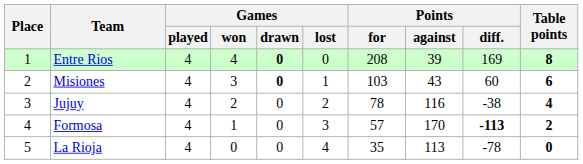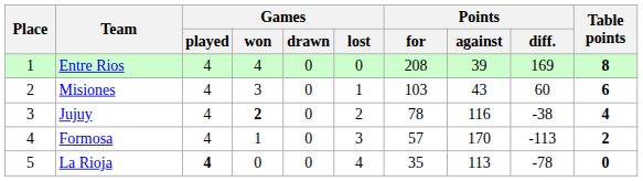 <table class="wikitable">
 <tr>
 <th rowspan=2 width="8%">Place</th>
 <th rowspan=2 width="20%">Team</th>
 <th colspan=4 width="32%">Games</th>
 <th colspan=3 width="30%">Points</th>
 <th rowspan=2 width="10%">Table<br>points</th>
 </tr>
 <tr>
 <th width="8%">played</th>
 <th width="8%">won</th>
 <th width="8%">drawn</th>
 <th width="8%">lost</th>
 <th width="10%">for</th>
 <th width="10%">against</th>
 <th width="10%">diff.</th>
 </tr>
 <tr align=center style="background: #ccffcc;">
 <td>1</td>
 <td align=left><a href='#'>Entre Rios</a></td>
 <td>4</td>
 <td>4</td>
-<td><strong>0</strong></td>
+<td>0</td>
 <td>0</td>
 <td>208</td>
 <td>39</td>
 <td>169</td>
 <td><strong>8</strong></td>
 </tr>
 <tr align=center style="background: #ffffff;">
 <td>2</td>
 <td align=left><a href='#'>Misiones</a></td>
 <td>4</td>
 <td>3</td>
-<td><strong>0</strong></td>
+<td>0</td>
 <td>1</td>
 <td>103</td>
 <td>43</td>
 <td>60</td>
 <td><strong>6</strong></td>
 </tr>
 <tr align=center style="background: #ffffff;">
 <td>3</td>
 <td align=left><a href='#'>Jujuy</a></td>
 <td>4</td>
-<td>2</td>
+<td><strong>2</strong></td>
 <td>0</td>
 <td>2</td>
 <td>78</td>
 <td>116</td>
 <td>-38</td>
 <td><strong>4</strong></td>
 </tr>
 <tr align=center style="background: #ffffff;">
 <td>4</td>
 <td align=left><a href='#'>Formosa</a></td>
 <td>4</td>
 <td>1</td>
 <td>0</td>
 <td>3</td>
 <td>57</td>
 <td>170</td>
-<td><strong>-113</strong></td>
+<td>-113</td>
 <td><strong>2</strong></td>
 </tr>
 <tr align=center style="background: #ffffff;">
 <td>5</td>
 <td align=left><a href='#'>La Rioja</a></td>
-<td>4</td>
+<td><strong>4</strong></td>
 <td>0</td>
 <td>0</td>
 <td>4</td>
 <td>35</td>
 <td>113</td>
 <td>-78</td>
 <td><strong>0</strong></td>
 </tr>
 </table>
